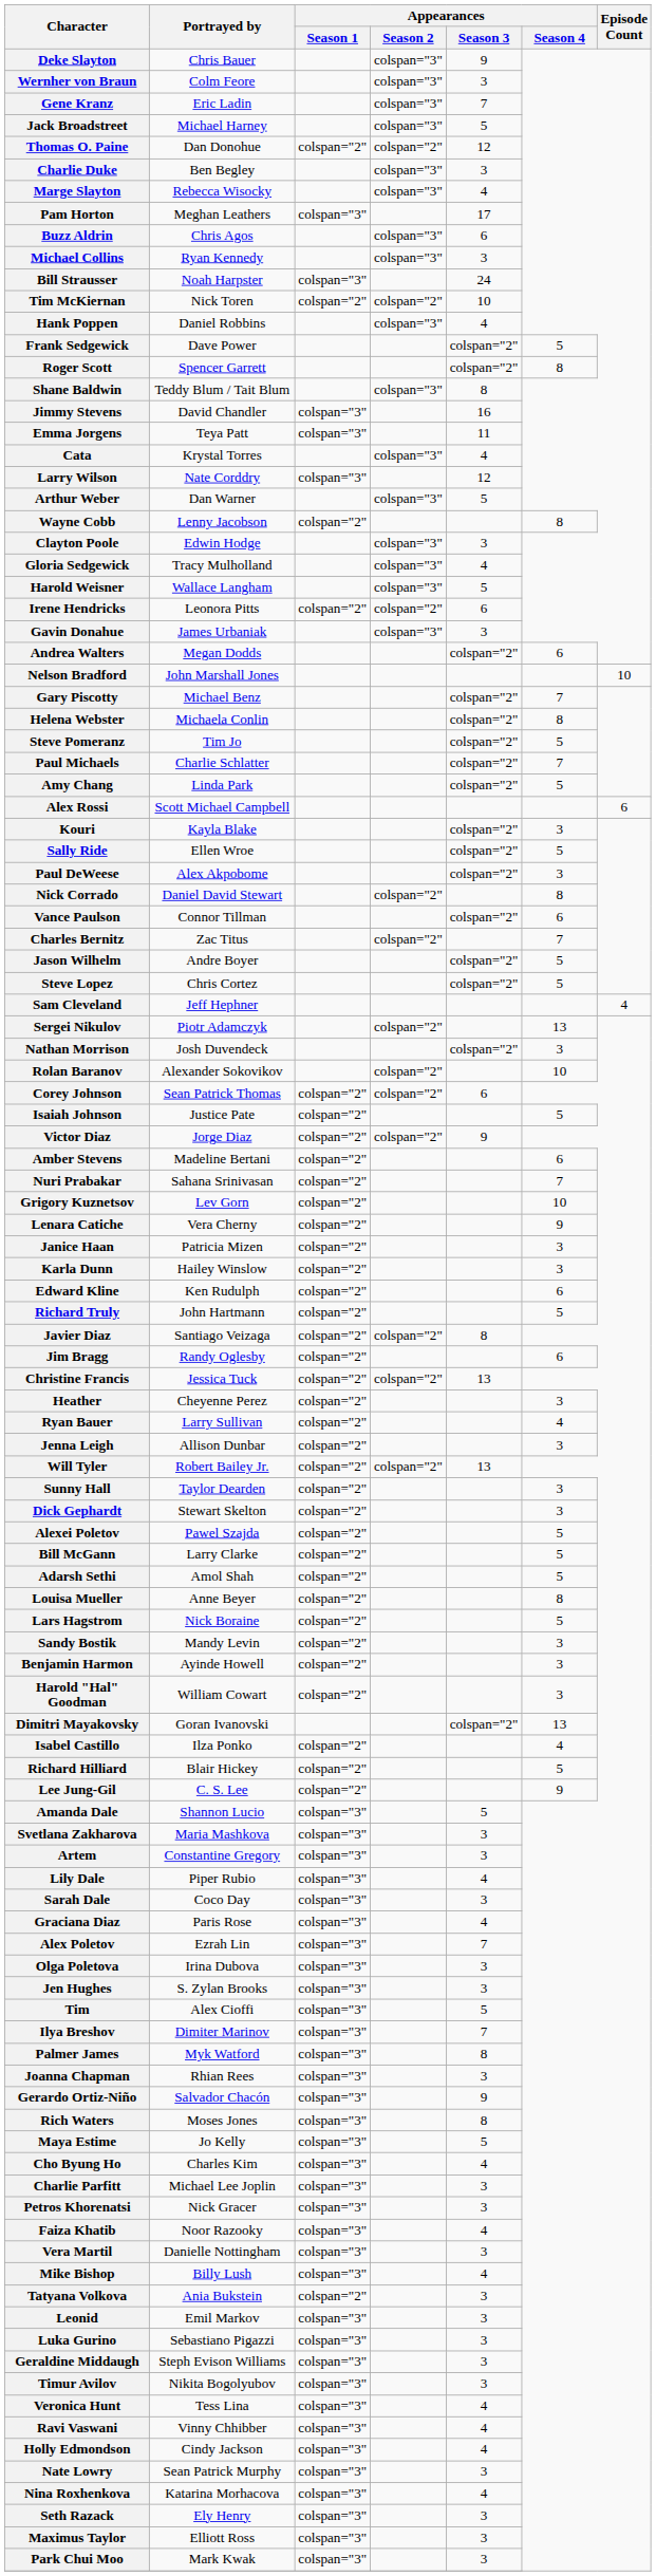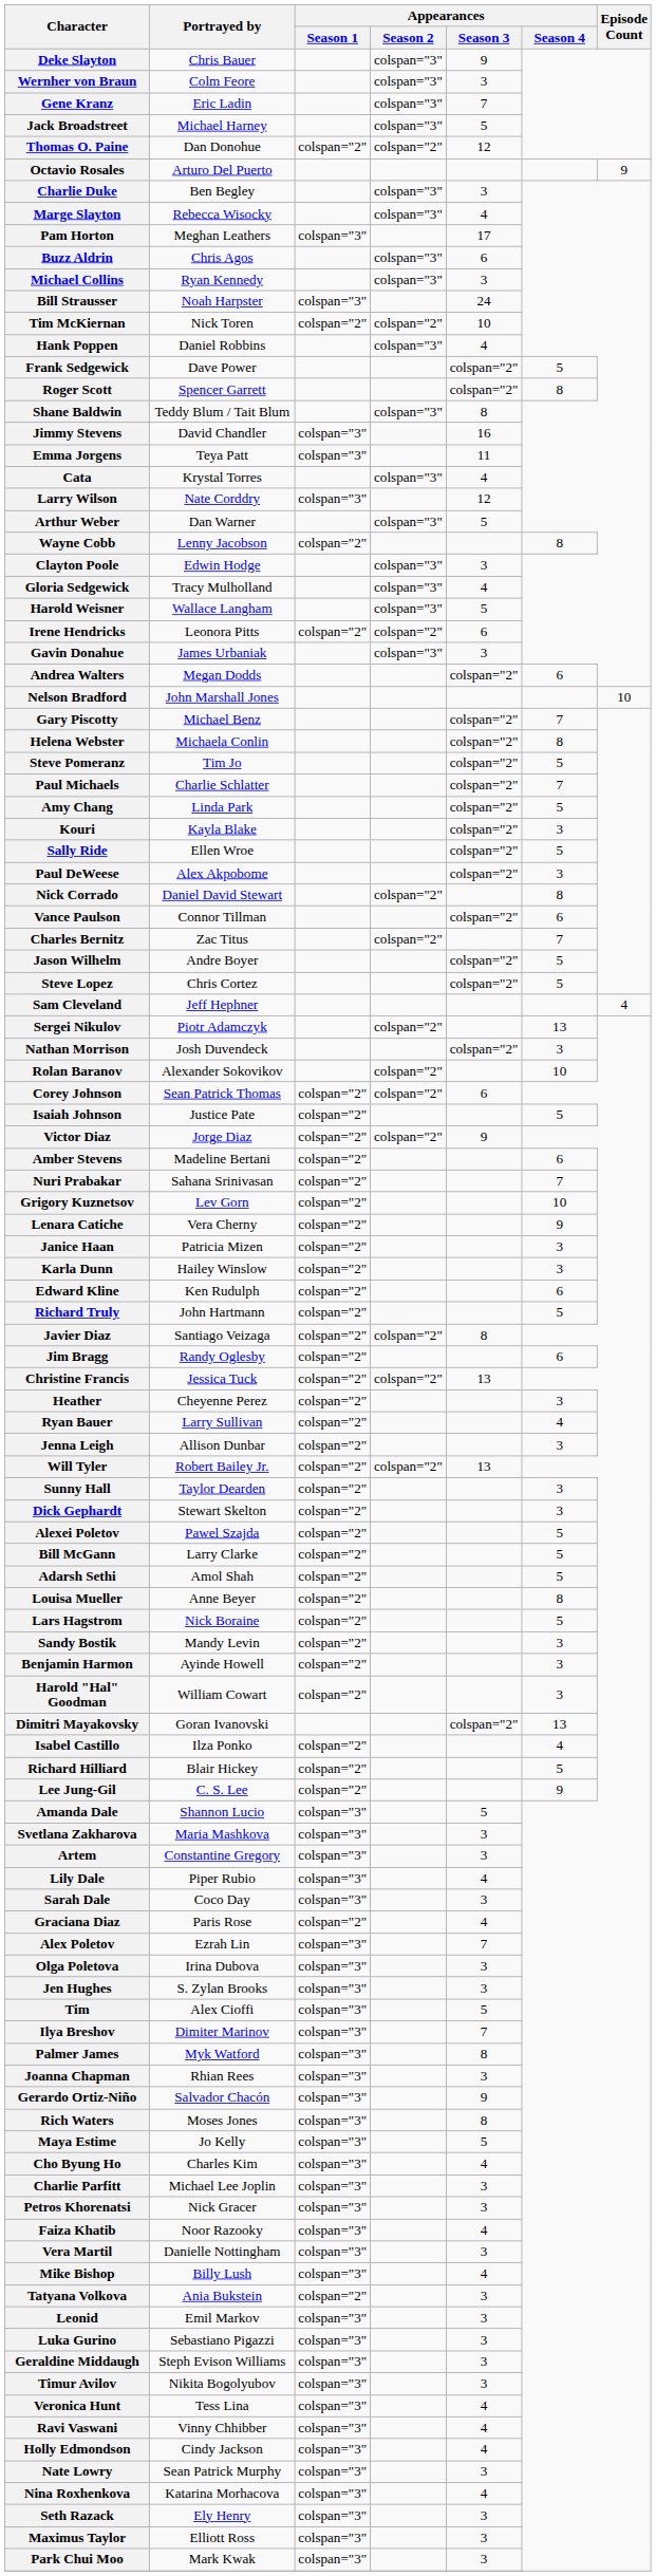 <table class="sortable wikitable" style="text-align: center;">
 <tr>
 <th rowspan="2" style="width: 160px;">Character</th>
 <th rowspan="2" style="width: 160px;">Portrayed by</th>
 <th colspan="4">Appearances</th>
 <th rowspan="2">Episode<br>Count</th>
 </tr>
 <tr>
 <th style="width: 80px;"><a href='#'>Season 1</a></th>
 <th style="width: 80px;"><a href='#'>Season 2</a></th>
 <th style="width: 80px;"><a href='#'>Season 3</a></th>
 <th style="width: 80px;"><a href='#'>Season 4</a></th>
 </tr>
 <tr>
 <th><a href='#'>Deke Slayton</a></th>
 <td><a href='#'>Chris Bauer</a></td>
 <td></td>
 <td>colspan="3" </td>
 <td>9</td>
 </tr>
 <tr>
 <th><a href='#'>Wernher von Braun</a></th>
 <td><a href='#'>Colm Feore</a></td>
 <td></td>
 <td>colspan="3" </td>
 <td>3</td>
 </tr>
 <tr>
 <th><a href='#'>Gene Kranz</a></th>
 <td><a href='#'>Eric Ladin</a></td>
 <td></td>
 <td>colspan="3" </td>
 <td>7</td>
 </tr>
 <tr>
 <th>Jack Broadstreet</th>
 <td><a href='#'>Michael Harney</a></td>
 <td></td>
 <td>colspan="3" </td>
 <td>5</td>
 </tr>
 <tr>
 <th><a href='#'>Thomas O. Paine</a></th>
 <td>Dan Donohue</td>
 <td>colspan="2" </td>
 <td>colspan="2" </td>
 <td>12</td>
+</tr>
+<tr>
+<th>Octavio Rosales</th>
+<td><a href='#'>Arturo Del Puerto</a></td>
+<td></td>
+<td></td>
+<td></td>
+<td></td>
+<td>9</td>
 </tr>
 <tr>
 <th><a href='#'>Charlie Duke</a></th>
 <td>Ben Begley</td>
 <td></td>
 <td>colspan="3" </td>
 <td>3</td>
 </tr>
 <tr>
 <th><a href='#'>Marge Slayton</a></th>
 <td><a href='#'>Rebecca Wisocky</a></td>
 <td></td>
 <td>colspan="3" </td>
 <td>4</td>
 </tr>
 <tr>
 <th>Pam Horton</th>
 <td>Meghan Leathers</td>
 <td>colspan="3" </td>
 <td></td>
 <td>17</td>
 </tr>
 <tr>
 <th><a href='#'>Buzz Aldrin</a></th>
 <td><a href='#'>Chris Agos</a></td>
 <td></td>
 <td>colspan="3" </td>
 <td>6</td>
 </tr>
 <tr>
 <th><a href='#'>Michael Collins</a></th>
 <td><a href='#'>Ryan Kennedy</a></td>
 <td></td>
 <td>colspan="3" </td>
 <td>3</td>
 </tr>
 <tr>
 <th>Bill Strausser</th>
 <td><a href='#'>Noah Harpster</a></td>
 <td>colspan="3" </td>
 <td></td>
 <td>24</td>
 </tr>
 <tr>
 <th>Tim McKiernan</th>
 <td>Nick Toren</td>
 <td>colspan="2" </td>
 <td>colspan="2" </td>
 <td>10</td>
 </tr>
 <tr>
 <th>Hank Poppen</th>
 <td>Daniel Robbins</td>
 <td></td>
 <td>colspan="3" </td>
 <td>4</td>
 </tr>
 <tr>
 <th>Frank Sedgewick</th>
 <td>Dave Power</td>
 <td></td>
 <td></td>
 <td>colspan="2" </td>
 <td>5</td>
 </tr>
 <tr>
 <th>Roger Scott</th>
 <td><a href='#'>Spencer Garrett</a></td>
 <td></td>
 <td></td>
 <td>colspan="2" </td>
 <td>8</td>
 </tr>
 <tr>
 <th>Shane Baldwin</th>
 <td>Teddy Blum / Tait Blum</td>
 <td></td>
 <td>colspan="3" </td>
 <td>8</td>
 </tr>
 <tr>
 <th>Jimmy Stevens</th>
 <td>David Chandler</td>
 <td>colspan="3" </td>
 <td></td>
 <td>16</td>
 </tr>
 <tr>
 <th>Emma Jorgens</th>
 <td>Teya Patt</td>
 <td>colspan="3" </td>
 <td></td>
 <td>11</td>
 </tr>
 <tr>
 <th>Cata</th>
 <td>Krystal Torres</td>
 <td></td>
 <td>colspan="3" </td>
 <td>4</td>
 </tr>
 <tr>
 <th>Larry Wilson</th>
 <td><a href='#'>Nate Corddry</a></td>
 <td>colspan="3" </td>
 <td></td>
 <td>12</td>
 </tr>
 <tr>
 <th>Arthur Weber</th>
 <td>Dan Warner</td>
 <td></td>
 <td>colspan="3" </td>
 <td>5</td>
 </tr>
 <tr>
 <th>Wayne Cobb</th>
 <td><a href='#'>Lenny Jacobson</a></td>
 <td>colspan="2" </td>
 <td></td>
 <td></td>
 <td>8</td>
 </tr>
 <tr>
 <th>Clayton Poole</th>
 <td><a href='#'>Edwin Hodge</a></td>
 <td></td>
 <td>colspan="3" </td>
 <td>3</td>
 </tr>
 <tr>
 <th>Gloria Sedgewick</th>
 <td>Tracy Mulholland</td>
 <td></td>
 <td>colspan="3" </td>
 <td>4</td>
 </tr>
 <tr>
 <th>Harold Weisner</th>
 <td><a href='#'>Wallace Langham</a></td>
 <td></td>
 <td>colspan="3" </td>
 <td>5</td>
 </tr>
 <tr>
 <th>Irene Hendricks</th>
 <td>Leonora Pitts</td>
 <td>colspan="2" </td>
 <td>colspan="2" </td>
 <td>6</td>
 </tr>
 <tr>
 <th>Gavin Donahue</th>
 <td><a href='#'>James Urbaniak</a></td>
 <td></td>
 <td>colspan="3" </td>
 <td>3</td>
 </tr>
 <tr>
 <th>Andrea Walters</th>
 <td><a href='#'>Megan Dodds</a></td>
 <td></td>
 <td></td>
 <td>colspan="2" </td>
 <td>6</td>
 </tr>
 <tr>
 <th>Nelson Bradford</th>
 <td><a href='#'>John Marshall Jones</a></td>
 <td></td>
 <td></td>
 <td></td>
 <td></td>
 <td>10</td>
 </tr>
 <tr>
 <th>Gary Piscotty</th>
 <td><a href='#'>Michael Benz</a></td>
 <td></td>
 <td></td>
 <td>colspan="2" </td>
 <td>7</td>
 </tr>
 <tr>
 <th>Helena Webster</th>
 <td><a href='#'>Michaela Conlin</a></td>
 <td></td>
 <td></td>
 <td>colspan="2" </td>
 <td>8</td>
 </tr>
 <tr>
 <th>Steve Pomeranz</th>
 <td><a href='#'>Tim Jo</a></td>
 <td></td>
 <td></td>
 <td>colspan="2" </td>
 <td>5</td>
 </tr>
 <tr>
 <th>Paul Michaels</th>
 <td><a href='#'>Charlie Schlatter</a></td>
 <td></td>
 <td></td>
 <td>colspan="2" </td>
 <td>7</td>
 </tr>
 <tr>
 <th>Amy Chang</th>
 <td><a href='#'>Linda Park</a></td>
 <td></td>
 <td></td>
 <td>colspan="2" </td>
 <td>5</td>
-</tr>
-<tr>
-<th>Alex Rossi</th>
-<td><a href='#'>Scott Michael Campbell</a></td>
-<td></td>
-<td></td>
-<td></td>
-<td></td>
-<td>6</td>
 </tr>
 <tr>
 <th>Kouri</th>
 <td><a href='#'>Kayla Blake</a></td>
 <td></td>
 <td></td>
 <td>colspan="2" </td>
 <td>3</td>
 </tr>
 <tr>
 <th><a href='#'>Sally Ride</a></th>
 <td>Ellen Wroe</td>
 <td></td>
 <td></td>
 <td>colspan="2" </td>
 <td>5</td>
 </tr>
 <tr>
 <th>Paul DeWeese</th>
 <td><a href='#'>Alex Akpobome</a></td>
 <td></td>
 <td></td>
 <td>colspan="2" </td>
 <td>3</td>
 </tr>
 <tr>
 <th>Nick Corrado</th>
 <td><a href='#'>Daniel David Stewart</a></td>
 <td></td>
 <td>colspan="2" </td>
 <td></td>
 <td>8</td>
 </tr>
 <tr>
 <th>Vance Paulson</th>
 <td>Connor Tillman</td>
 <td></td>
 <td></td>
 <td>colspan="2" </td>
 <td>6</td>
 </tr>
 <tr>
 <th>Charles Bernitz</th>
 <td>Zac Titus</td>
 <td></td>
 <td>colspan="2" </td>
 <td></td>
 <td>7</td>
 </tr>
 <tr>
 <th>Jason Wilhelm</th>
 <td>Andre Boyer</td>
 <td></td>
 <td></td>
 <td>colspan="2" </td>
 <td>5</td>
 </tr>
 <tr>
 <th>Steve Lopez</th>
 <td>Chris Cortez</td>
 <td></td>
 <td></td>
 <td>colspan="2" </td>
 <td>5</td>
 </tr>
 <tr>
 <th>Sam Cleveland</th>
 <td><a href='#'>Jeff Hephner</a></td>
 <td></td>
 <td></td>
 <td></td>
 <td></td>
 <td>4</td>
 </tr>
 <tr>
 <th>Sergei Nikulov</th>
 <td><a href='#'>Piotr Adamczyk</a></td>
 <td></td>
 <td>colspan="2" </td>
 <td></td>
 <td>13</td>
 </tr>
 <tr>
 <th>Nathan Morrison</th>
 <td>Josh Duvendeck</td>
 <td></td>
 <td></td>
 <td>colspan="2" </td>
 <td>3</td>
 </tr>
 <tr>
 <th>Rolan Baranov</th>
 <td>Alexander Sokovikov</td>
 <td></td>
 <td>colspan="2" </td>
 <td></td>
 <td>10</td>
 </tr>
 <tr>
 <th>Corey Johnson</th>
 <td><a href='#'>Sean Patrick Thomas</a></td>
 <td>colspan="2" </td>
 <td>colspan="2" </td>
 <td>6</td>
 </tr>
 <tr>
 <th>Isaiah Johnson</th>
 <td>Justice Pate</td>
 <td>colspan="2" </td>
 <td></td>
 <td></td>
 <td>5</td>
 </tr>
 <tr>
 <th>Victor Diaz</th>
 <td><a href='#'>Jorge Diaz</a></td>
 <td>colspan="2" </td>
 <td>colspan="2" </td>
 <td>9</td>
 </tr>
 <tr>
 <th>Amber Stevens</th>
 <td>Madeline Bertani</td>
 <td>colspan="2" </td>
 <td></td>
 <td></td>
 <td>6</td>
 </tr>
 <tr>
 <th>Nuri Prabakar</th>
 <td>Sahana Srinivasan</td>
 <td>colspan="2" </td>
 <td></td>
 <td></td>
 <td>7</td>
 </tr>
 <tr>
 <th>Grigory Kuznetsov</th>
 <td><a href='#'>Lev Gorn</a></td>
 <td>colspan="2" </td>
 <td></td>
 <td></td>
 <td>10</td>
 </tr>
 <tr>
 <th>Lenara Catiche</th>
 <td>Vera Cherny</td>
 <td>colspan="2" </td>
 <td></td>
 <td></td>
 <td>9</td>
 </tr>
 <tr>
 <th>Janice Haan</th>
 <td>Patricia Mizen</td>
 <td>colspan="2" </td>
 <td></td>
 <td></td>
 <td>3</td>
 </tr>
 <tr>
 <th>Karla Dunn</th>
 <td>Hailey Winslow</td>
 <td>colspan="2" </td>
 <td></td>
 <td></td>
 <td>3</td>
 </tr>
 <tr>
 <th>Edward Kline</th>
 <td>Ken Rudulph</td>
 <td>colspan="2" </td>
 <td></td>
 <td></td>
 <td>6</td>
 </tr>
 <tr>
 <th><a href='#'>Richard Truly</a></th>
 <td>John Hartmann</td>
 <td>colspan="2" </td>
 <td></td>
 <td></td>
 <td>5</td>
 </tr>
 <tr>
 <th>Javier Diaz</th>
 <td>Santiago Veizaga</td>
 <td>colspan="2" </td>
 <td>colspan="2" </td>
 <td>8</td>
 </tr>
 <tr>
 <th>Jim Bragg</th>
 <td><a href='#'>Randy Oglesby</a></td>
 <td>colspan="2" </td>
 <td></td>
 <td></td>
 <td>6</td>
 </tr>
 <tr>
 <th>Christine Francis</th>
 <td><a href='#'>Jessica Tuck</a></td>
 <td>colspan="2" </td>
 <td>colspan="2" </td>
 <td>13</td>
 </tr>
 <tr>
 <th>Heather</th>
 <td>Cheyenne Perez</td>
 <td>colspan="2" </td>
 <td></td>
 <td></td>
 <td>3</td>
 </tr>
 <tr>
 <th>Ryan Bauer</th>
 <td><a href='#'>Larry Sullivan</a></td>
 <td>colspan="2" </td>
 <td></td>
 <td></td>
 <td>4</td>
 </tr>
 <tr>
 <th>Jenna Leigh</th>
 <td>Allison Dunbar</td>
 <td>colspan="2" </td>
 <td></td>
 <td></td>
 <td>3</td>
 </tr>
 <tr>
 <th>Will Tyler</th>
 <td><a href='#'>Robert Bailey Jr.</a></td>
 <td>colspan="2" </td>
 <td>colspan="2" </td>
 <td>13</td>
 </tr>
 <tr>
 <th>Sunny Hall</th>
 <td><a href='#'>Taylor Dearden</a></td>
 <td>colspan="2" </td>
 <td></td>
 <td></td>
 <td>3</td>
 </tr>
 <tr>
 <th><a href='#'>Dick Gephardt</a></th>
 <td>Stewart Skelton</td>
 <td>colspan="2" </td>
 <td></td>
 <td></td>
 <td>3</td>
 </tr>
 <tr>
 <th>Alexei Poletov</th>
 <td><a href='#'>Pawel Szajda</a></td>
 <td>colspan="2" </td>
 <td></td>
 <td></td>
 <td>5</td>
 </tr>
 <tr>
 <th>Bill McGann</th>
 <td>Larry Clarke</td>
 <td>colspan="2" </td>
 <td></td>
 <td></td>
 <td>5</td>
 </tr>
 <tr>
 <th>Adarsh Sethi</th>
 <td>Amol Shah</td>
 <td>colspan="2" </td>
 <td></td>
 <td></td>
 <td>5</td>
 </tr>
 <tr>
 <th>Louisa Mueller</th>
 <td>Anne Beyer</td>
 <td>colspan="2" </td>
 <td></td>
 <td></td>
 <td>8</td>
 </tr>
 <tr>
 <th>Lars Hagstrom</th>
 <td><a href='#'>Nick Boraine</a></td>
 <td>colspan="2" </td>
 <td></td>
 <td></td>
 <td>5</td>
 </tr>
 <tr>
 <th>Sandy Bostik</th>
 <td>Mandy Levin</td>
 <td>colspan="2" </td>
 <td></td>
 <td></td>
 <td>3</td>
 </tr>
 <tr>
 <th>Benjamin Harmon</th>
 <td>Ayinde Howell</td>
 <td>colspan="2" </td>
 <td></td>
 <td></td>
 <td>3</td>
 </tr>
 <tr>
 <th>Harold "Hal" Goodman</th>
 <td>William Cowart</td>
 <td>colspan="2" </td>
 <td></td>
 <td></td>
 <td>3</td>
 </tr>
 <tr>
 <th>Dimitri Mayakovsky</th>
 <td>Goran Ivanovski</td>
 <td></td>
 <td></td>
 <td>colspan="2" </td>
 <td>13</td>
 </tr>
 <tr>
 <th>Isabel Castillo</th>
 <td>Ilza Ponko</td>
 <td>colspan="2" </td>
 <td></td>
 <td></td>
 <td>4</td>
 </tr>
 <tr>
 <th>Richard Hilliard</th>
 <td>Blair Hickey</td>
 <td>colspan="2" </td>
 <td></td>
 <td></td>
 <td>5</td>
 </tr>
 <tr>
 <th>Lee Jung-Gil</th>
 <td><a href='#'>C. S. Lee</a></td>
 <td>colspan="2" </td>
 <td></td>
 <td></td>
 <td>9</td>
 </tr>
 <tr>
 <th>Amanda Dale</th>
 <td><a href='#'>Shannon Lucio</a></td>
 <td>colspan="3" </td>
 <td></td>
 <td>5</td>
 </tr>
 <tr>
 <th>Svetlana Zakharova</th>
 <td><a href='#'>Maria Mashkova</a></td>
 <td>colspan="3" </td>
 <td></td>
 <td>3</td>
 </tr>
 <tr>
 <th>Artem</th>
 <td><a href='#'>Constantine Gregory</a></td>
 <td>colspan="3" </td>
 <td></td>
 <td>3</td>
 </tr>
 <tr>
 <th>Lily Dale</th>
 <td>Piper Rubio</td>
 <td>colspan="3" </td>
 <td></td>
 <td>4</td>
 </tr>
 <tr>
 <th>Sarah Dale</th>
 <td>Coco Day</td>
 <td>colspan="3" </td>
 <td></td>
 <td>3</td>
 </tr>
 <tr>
 <th>Graciana Diaz</th>
 <td>Paris Rose</td>
-<td>colspan="3" </td>
+<td>colspan="2" </td>
 <td></td>
 <td>4</td>
 </tr>
 <tr>
 <th>Alex Poletov</th>
 <td>Ezrah Lin</td>
 <td>colspan="3" </td>
 <td></td>
 <td>7</td>
 </tr>
 <tr>
 <th>Olga Poletova</th>
 <td>Irina Dubova</td>
 <td>colspan="3" </td>
 <td></td>
 <td>3</td>
 </tr>
 <tr>
 <th>Jen Hughes</th>
 <td>S. Zylan Brooks</td>
 <td>colspan="3" </td>
 <td></td>
 <td>3</td>
 </tr>
 <tr>
 <th>Tim</th>
 <td>Alex Cioffi</td>
 <td>colspan="3" </td>
 <td></td>
 <td>5</td>
 </tr>
 <tr>
 <th>Ilya Breshov</th>
 <td><a href='#'>Dimiter Marinov</a></td>
 <td>colspan="3" </td>
 <td></td>
 <td>7</td>
 </tr>
 <tr>
 <th>Palmer James</th>
 <td><a href='#'>Myk Watford</a></td>
 <td>colspan="3" </td>
 <td></td>
 <td>8</td>
 </tr>
 <tr>
 <th>Joanna Chapman</th>
 <td>Rhian Rees</td>
 <td>colspan="3" </td>
 <td></td>
 <td>3</td>
 </tr>
 <tr>
 <th>Gerardo Ortiz-Niño</th>
 <td><a href='#'>Salvador Chacón</a></td>
 <td>colspan="3" </td>
 <td></td>
 <td>9</td>
 </tr>
 <tr>
 <th>Rich Waters</th>
 <td>Moses Jones</td>
 <td>colspan="3" </td>
 <td></td>
 <td>8</td>
 </tr>
 <tr>
 <th>Maya Estime</th>
 <td>Jo Kelly</td>
 <td>colspan="3" </td>
 <td></td>
 <td>5</td>
 </tr>
 <tr>
 <th>Cho Byung Ho</th>
 <td>Charles Kim</td>
 <td>colspan="3" </td>
 <td></td>
 <td>4</td>
 </tr>
 <tr>
 <th>Charlie Parfitt</th>
 <td>Michael Lee Joplin</td>
 <td>colspan="3" </td>
 <td></td>
 <td>3</td>
 </tr>
 <tr>
 <th>Petros Khorenatsi</th>
 <td>Nick Gracer</td>
 <td>colspan="3" </td>
 <td></td>
 <td>3</td>
 </tr>
 <tr>
 <th>Faiza Khatib</th>
 <td>Noor Razooky</td>
 <td>colspan="3" </td>
 <td></td>
 <td>4</td>
 </tr>
 <tr>
 <th>Vera Martil</th>
 <td>Danielle Nottingham</td>
 <td>colspan="3" </td>
 <td></td>
 <td>3</td>
 </tr>
 <tr>
 <th>Mike Bishop</th>
 <td><a href='#'>Billy Lush</a></td>
 <td>colspan="3" </td>
 <td></td>
 <td>4</td>
 </tr>
 <tr>
 <th>Tatyana Volkova</th>
 <td><a href='#'>Ania Bukstein</a></td>
 <td>colspan="2" </td>
 <td></td>
 <td>3</td>
 </tr>
 <tr>
 <th>Leonid</th>
 <td>Emil Markov</td>
 <td>colspan="3" </td>
 <td></td>
 <td>3</td>
 </tr>
 <tr>
 <th>Luka Gurino</th>
 <td>Sebastiano Pigazzi</td>
 <td>colspan="3" </td>
 <td></td>
 <td>3</td>
 </tr>
 <tr>
 <th>Geraldine Middaugh</th>
 <td>Steph Evison Williams</td>
 <td>colspan="3" </td>
 <td></td>
 <td>3</td>
 </tr>
 <tr>
 <th>Timur Avilov</th>
 <td>Nikita Bogolyubov</td>
 <td>colspan="3" </td>
 <td></td>
 <td>3</td>
 </tr>
 <tr>
 <th>Veronica Hunt</th>
 <td>Tess Lina</td>
 <td>colspan="3" </td>
 <td></td>
 <td>4</td>
 </tr>
 <tr>
 <th>Ravi Vaswani</th>
 <td>Vinny Chhibber</td>
 <td>colspan="3" </td>
 <td></td>
 <td>4</td>
 </tr>
 <tr>
 <th>Holly Edmondson</th>
 <td>Cindy Jackson</td>
 <td>colspan="3" </td>
 <td></td>
 <td>4</td>
 </tr>
 <tr>
 <th>Nate Lowry</th>
 <td>Sean Patrick Murphy</td>
 <td>colspan="3" </td>
 <td></td>
 <td>3</td>
 </tr>
 <tr>
 <th>Nina Roxhenkova</th>
 <td>Katarina Morhacova</td>
 <td>colspan="3" </td>
 <td></td>
 <td>4</td>
 </tr>
 <tr>
 <th>Seth Razack</th>
 <td><a href='#'>Ely Henry</a></td>
 <td>colspan="3" </td>
 <td></td>
 <td>3</td>
 </tr>
 <tr>
 <th>Maximus Taylor</th>
 <td>Elliott Ross</td>
 <td>colspan="3" </td>
 <td></td>
 <td>3</td>
 </tr>
 <tr>
 <th>Park Chui Moo</th>
 <td>Mark Kwak</td>
 <td>colspan="3" </td>
 <td></td>
 <td>3</td>
 </tr>
 <tr>
 </tr>
 </table>
